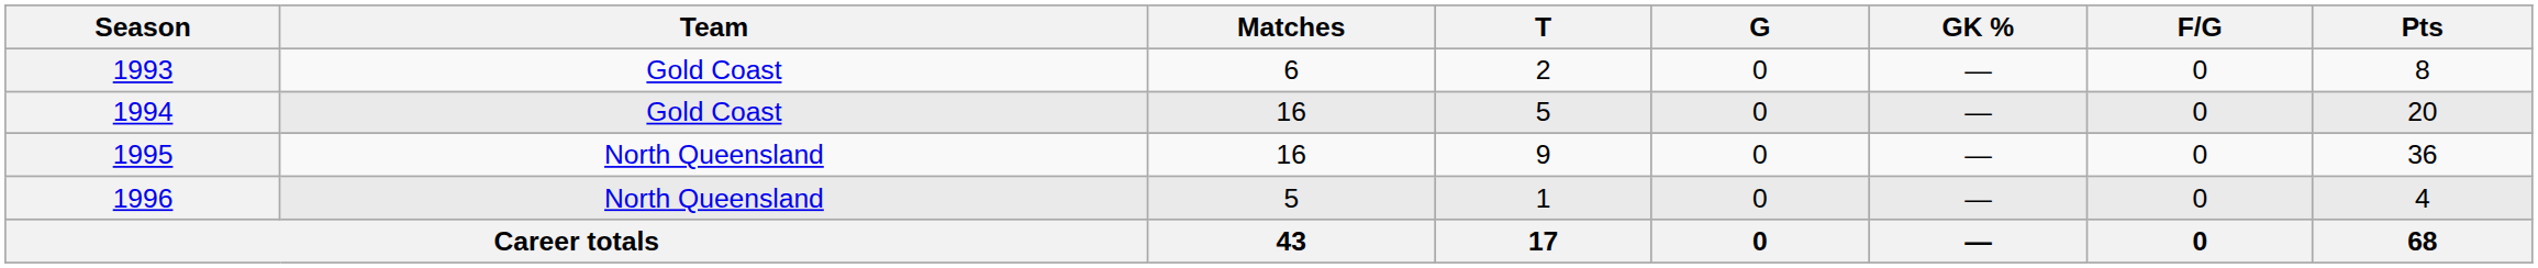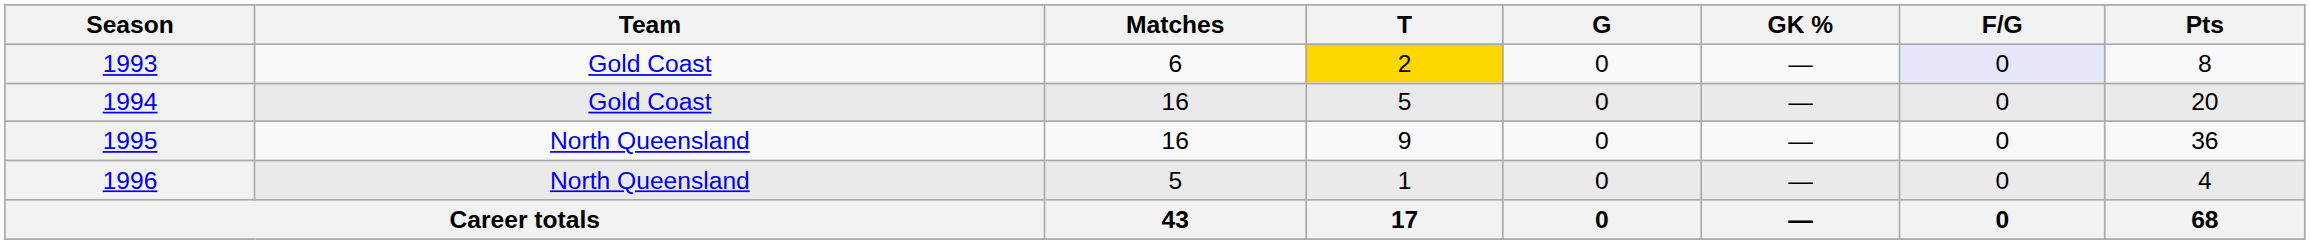 <table class="wikitable sortable"  style="font-size:90%; text-align:center; width:85%;">
 <tr>
 <th width=2%>Season</th>
 <th width=8%>Team</th>
 <th width=2%>Matches</th>
 <th width=2%>T</th>
 <th width=2%>G</th>
 <th width=2%>GK %</th>
 <th width=2%>F/G</th>
 <th width=2%>Pts</th>
 </tr>
 <tr>
 <th scope="row" style="text-align:center; font-weight:normal"><a href='#'>1993</a></th>
 <td style="text-align:center;"> <a href='#'>Gold Coast</a></td>
 <td>6</td>
-<td>2</td>
+<td style="background: gold;">2</td>
 <td>0</td>
 <td>—</td>
-<td>0</td>
+<td style="background: lavender;">0</td>
 <td>8</td>
 </tr>
 <tr style="background-color: #EAEAEA">
 <th scope="row" style="text-align:center; font-weight:normal"><a href='#'>1994</a></th>
 <td style="text-align:center;"> <a href='#'>Gold Coast</a></td>
 <td>16</td>
 <td>5</td>
 <td>0</td>
 <td>—</td>
 <td>0</td>
 <td>20</td>
 </tr>
 <tr>
 <th scope="row" style="text-align:center; font-weight:normal"><a href='#'>1995</a></th>
 <td style="text-align:center;"> <a href='#'>North Queensland</a></td>
 <td>16</td>
 <td>9</td>
 <td>0</td>
 <td>—</td>
 <td>0</td>
 <td>36</td>
 </tr>
 <tr style="background-color: #EAEAEA">
 <th scope="row" style="text-align:center; font-weight:normal"><a href='#'>1996</a></th>
 <td style="text-align:center;"> <a href='#'>North Queensland</a></td>
 <td>5</td>
 <td>1</td>
 <td>0</td>
 <td>—</td>
 <td>0</td>
 <td>4</td>
 </tr>
 <tr class="sortbottom">
 <th colspan=2>Career totals</th>
 <th>43</th>
 <th>17</th>
 <th>0</th>
 <th>—</th>
 <th>0</th>
 <th>68</th>
 </tr>
 </table>
